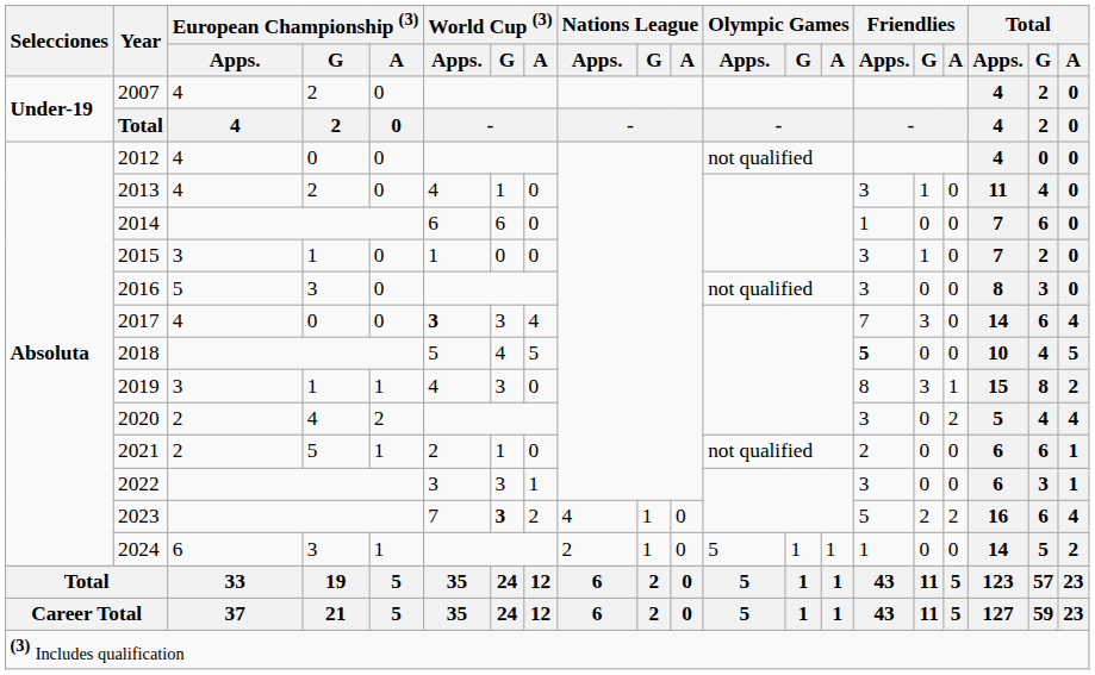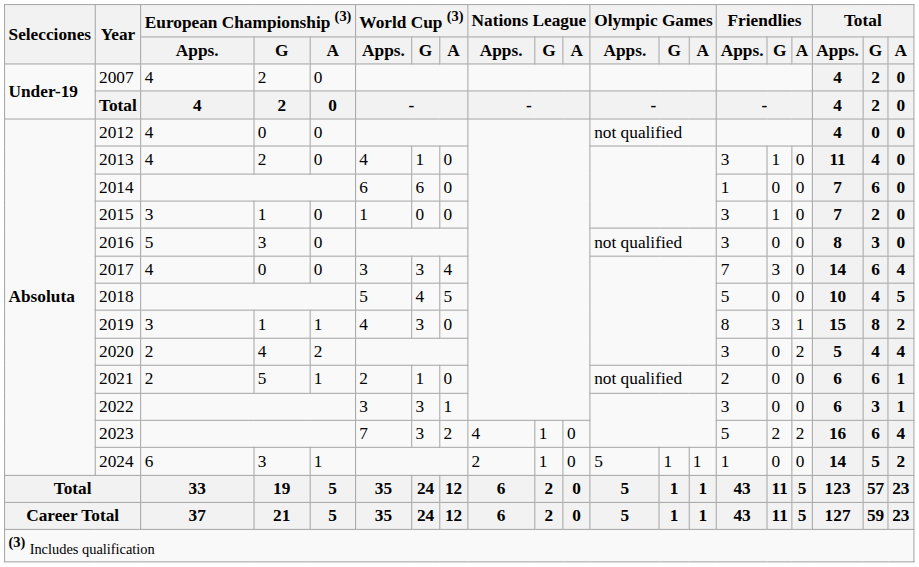 <table class="wikitable center">
 <tr>
 <th rowspan="2"><strong>Selecciones</strong></th>
 <th rowspan="2">Year</th>
 <th colspan="3">European Championship <sup>(3)</sup></th>
 <th colspan="3">World Cup <sup>(3)</sup></th>
 <th colspan="3">Nations League</th>
 <th colspan="3">Olympic Games</th>
 <th colspan="3">Friendlies</th>
 <th colspan="3">Total</th>
 </tr>
 <tr>
 <th>Apps.</th>
 <th>G</th>
 <th>A</th>
 <th>Apps.</th>
 <th>G</th>
 <th>A</th>
 <th>Apps.</th>
 <th>G</th>
 <th>A</th>
 <th>Apps.</th>
 <th>G</th>
 <th>A</th>
 <th>Apps.</th>
 <th>G</th>
 <th>A</th>
 <th>Apps.</th>
 <th>G</th>
 <th>A</th>
 </tr>
 <tr>
 <td rowspan="2"><strong>Under-19</strong></td>
 <td>2007</td>
 <td>4</td>
 <td>2</td>
 <td>0</td>
 <td colspan="3"></td>
 <td colspan="3"></td>
 <td colspan="3"></td>
 <td colspan="3"></td>
 <th>4</th>
 <th>2</th>
 <th>0</th>
 </tr>
 <tr>
 <th colspan="1">Total</th>
 <th>4</th>
 <th>2</th>
 <th>0</th>
 <th colspan="3">-</th>
 <th colspan="3">-</th>
 <th colspan="3">-</th>
 <th colspan="3">-</th>
 <th>4</th>
 <th>2</th>
 <th>0</th>
 </tr>
 <tr>
 <td rowspan="13"><strong>Absoluta</strong></td>
 <td>2012</td>
 <td>4</td>
 <td>0</td>
 <td>0</td>
 <td colspan="3"></td>
 <td colspan="3" rowspan="11"></td>
 <td colspan="3">not qualified</td>
 <td colspan="3"></td>
 <th>4</th>
 <th>0</th>
 <th>0</th>
 </tr>
 <tr>
 <td>2013</td>
 <td>4</td>
 <td>2</td>
 <td>0</td>
 <td>4</td>
 <td>1</td>
 <td>0</td>
 <td colspan="3" rowspan="3"></td>
 <td>3</td>
 <td>1</td>
 <td>0</td>
 <th>11</th>
 <th>4</th>
 <th>0</th>
 </tr>
 <tr>
 <td>2014</td>
 <td colspan="3"></td>
 <td>6</td>
 <td>6</td>
 <td>0</td>
 <td>1</td>
 <td>0</td>
 <td>0</td>
 <th>7</th>
 <th>6</th>
 <th>0</th>
 </tr>
 <tr>
 <td>2015</td>
 <td>3</td>
 <td>1</td>
 <td>0</td>
 <td>1</td>
 <td>0</td>
 <td>0</td>
 <td>3</td>
 <td>1</td>
 <td>0</td>
 <th>7</th>
 <th>2</th>
 <th>0</th>
 </tr>
 <tr>
 <td>2016</td>
 <td>5</td>
 <td>3</td>
 <td>0</td>
 <td colspan="3"></td>
 <td colspan="3">not qualified</td>
 <td>3</td>
 <td>0</td>
 <td>0</td>
 <th>8</th>
 <th>3</th>
 <th>0</th>
 </tr>
 <tr>
 <td>2017</td>
 <td>4</td>
 <td>0</td>
 <td>0</td>
-<td><strong>3</strong></td>
+<td>3</td>
 <td>3</td>
 <td>4</td>
 <td colspan="3" rowspan="4"></td>
 <td>7</td>
 <td>3</td>
 <td>0</td>
 <th>14</th>
 <th>6</th>
 <th>4</th>
 </tr>
 <tr>
 <td>2018</td>
 <td colspan="3"></td>
 <td>5</td>
 <td>4</td>
 <td>5</td>
-<td><strong>5</strong></td>
+<td>5</td>
 <td>0</td>
 <td>0</td>
 <th>10</th>
 <th>4</th>
 <th>5</th>
 </tr>
 <tr>
 <td>2019</td>
 <td>3</td>
 <td>1</td>
 <td>1</td>
 <td>4</td>
 <td>3</td>
 <td>0</td>
 <td>8</td>
 <td>3</td>
 <td>1</td>
 <th>15</th>
 <th>8</th>
 <th>2</th>
 </tr>
 <tr>
 <td>2020</td>
 <td>2</td>
 <td>4</td>
 <td>2</td>
 <td colspan="3"></td>
 <td>3</td>
 <td>0</td>
 <td>2</td>
 <th>5</th>
 <th>4</th>
 <th>4</th>
 </tr>
 <tr>
 <td>2021</td>
 <td>2</td>
 <td>5</td>
 <td>1</td>
 <td>2</td>
 <td>1</td>
 <td>0</td>
 <td colspan="3">not qualified</td>
 <td>2</td>
 <td>0</td>
 <td>0</td>
 <th>6</th>
 <th>6</th>
 <th>1</th>
 </tr>
 <tr>
 <td>2022</td>
 <td colspan="3"></td>
 <td>3</td>
 <td>3</td>
 <td>1</td>
 <td colspan="3" rowspan="2"></td>
 <td>3</td>
 <td>0</td>
 <td>0</td>
 <th>6</th>
 <th>3</th>
 <th>1</th>
 </tr>
 <tr>
 <td>2023</td>
 <td colspan="3"></td>
 <td>7</td>
-<td><strong>3</strong></td>
+<td>3</td>
 <td>2</td>
 <td>4</td>
 <td>1</td>
 <td>0</td>
 <td>5</td>
 <td>2</td>
 <td>2</td>
 <th>16</th>
 <th>6</th>
 <th>4</th>
 </tr>
 <tr>
 <td>2024</td>
 <td>6</td>
 <td>3</td>
 <td>1</td>
 <td colspan="3"></td>
 <td>2</td>
 <td>1</td>
 <td>0</td>
 <td>5</td>
 <td>1</td>
 <td>1</td>
 <td>1</td>
 <td>0</td>
 <td>0</td>
 <th>14</th>
 <th>5</th>
 <th>2</th>
 </tr>
 <tr>
 <th colspan="2">Total</th>
 <th>33</th>
 <th>19</th>
 <th>5</th>
 <th>35</th>
 <th>24</th>
 <th>12</th>
 <th>6</th>
 <th>2</th>
 <th>0</th>
 <th>5</th>
 <th>1</th>
 <th>1</th>
 <th>43</th>
 <th>11</th>
 <th>5</th>
 <th>123</th>
 <th>57</th>
 <th>23</th>
 </tr>
 <tr>
 <th colspan="2">Career Total</th>
 <th>37</th>
 <th>21</th>
 <th>5</th>
 <th>35</th>
 <th>24</th>
 <th>12</th>
 <th>6</th>
 <th>2</th>
 <th>0</th>
 <th>5</th>
 <th>1</th>
 <th>1</th>
 <th>43</th>
 <th>11</th>
 <th>5</th>
 <th>127</th>
 <th>59</th>
 <th>23</th>
 </tr>
 <tr>
 <td colspan="20"><sup><strong>(3)</strong></sup> <small>Includes qualification</small></td>
 </tr>
 </table>
